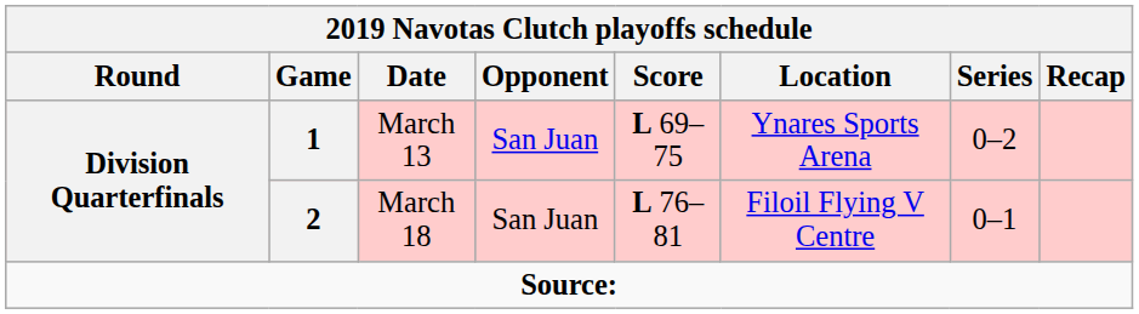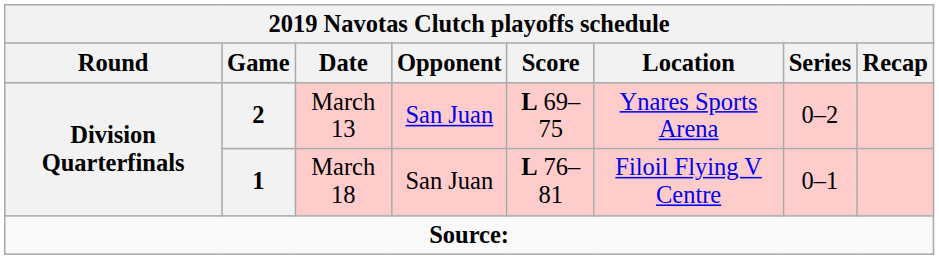 <table class="wikitable" style="text-align:center">
 <tr>
 <th colspan=8>2019 Navotas Clutch playoffs schedule</th>
 </tr>
 <tr>
 <th>Round</th>
 <th>Game</th>
 <th>Date</th>
 <th>Opponent</th>
 <th>Score</th>
 <th>Location</th>
 <th>Series</th>
 <th>Recap<br></th>
 </tr>
 <tr style="background:#fcc">
 <th rowspan=2>Division Quarterfinals</th>
-<th>1</th>
+<th>2</th>
 <td>March 13</td>
 <td><a href='#'>San Juan</a></td>
 <td><strong>L</strong> 69–75</td>
 <td><a href='#'>Ynares Sports Arena</a></td>
 <td>0–2</td>
 <td></td>
 </tr>
 <tr style="background:#fcc">
-<th>2</th>
+<th>1</th>
 <td>March 18</td>
 <td>San Juan</td>
 <td><strong>L</strong> 76–81</td>
 <td><a href='#'>Filoil Flying V Centre</a></td>
 <td>0–1</td>
 <td></td>
 </tr>
 <tr>
 <td colspan=8 align=center><strong>Source: </strong></td>
 </tr>
 </table>
